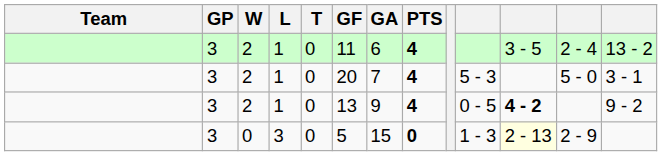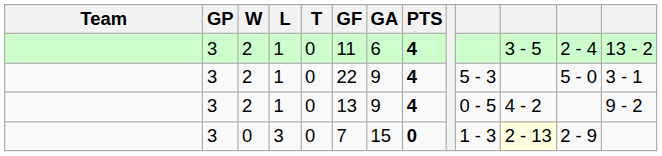 <table class="wikitable">
 <tr>
 <th width=165>Team</th>
 <th width=20>GP</th>
 <th width=20>W</th>
 <th width=20>L</th>
 <th width=20>T</th>
 <th width=20>GF</th>
 <th width=20>GA</th>
 <th width=20>PTS</th>
 <th rowspan=10></th>
 <th></th>
 <th></th>
 <th></th>
 <th></th>
 </tr>
 <tr bgcolor="#ccffcc">
 <td style="text-align:left;"></td>
 <td>3</td>
 <td>2</td>
 <td>1</td>
 <td>0</td>
 <td>11</td>
 <td>6</td>
 <td><strong>4</strong></td>
 <td></td>
 <td>3 - 5</td>
 <td>2 - 4</td>
 <td>13 - 2</td>
 </tr>
 <tr>
 <td style="text-align:left;"></td>
 <td>3</td>
 <td>2</td>
 <td>1</td>
 <td>0</td>
-<td>20</td>
-<td>7</td>
+<td>22</td>
+<td>9</td>
 <td><strong>4</strong></td>
 <td>5 - 3</td>
 <td></td>
 <td>5 - 0</td>
 <td>3 - 1</td>
 </tr>
 <tr>
 <td style="text-align:left;"></td>
 <td>3</td>
 <td>2</td>
 <td>1</td>
 <td>0</td>
 <td>13</td>
 <td>9</td>
 <td><strong>4</strong></td>
 <td>0 - 5</td>
-<td><strong>4 - 2</strong></td>
+<td>4 - 2</td>
 <td></td>
 <td>9 - 2</td>
 </tr>
 <tr>
 <td style="text-align:left;"></td>
 <td>3</td>
 <td>0</td>
 <td>3</td>
 <td>0</td>
-<td>5</td>
+<td>7</td>
 <td>15</td>
 <td><strong>0</strong></td>
 <td>1 - 3</td>
 <td style="background: lightyellow;">2 - 13</td>
 <td>2 - 9</td>
 <td></td>
 </tr>
 </table>
